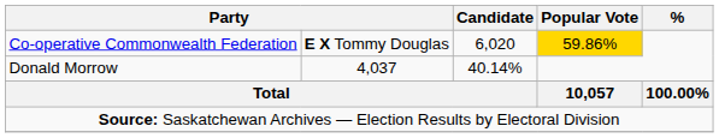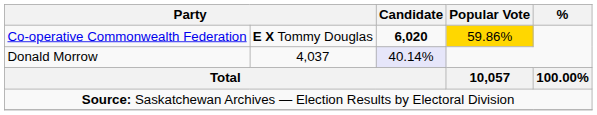 <table class="wikitable">
 <tr>
 <th colspan="2">Party</th>
 <th>Candidate</th>
 <th>Popular Vote</th>
 <th>%</th>
 </tr>
 <tr>
 <td><a href='#'>Co-operative Commonwealth Federation</a></td>
 <td><strong>E</strong> <strong>X</strong> Tommy Douglas</td>
-<td align=center>6,020</td>
+<td align=center><strong>6,020</strong></td>
 <td align=center style="background: gold;">59.86%</td>
 </tr>
 <tr>
 <td>Donald Morrow</td>
 <td align=center>4,037</td>
-<td align=center>40.14%</td>
+<td align=center style="background: lavender;">40.14%</td>
 </tr>
 <tr>
 <th colspan=3>Total</th>
 <th>10,057</th>
 <th>100.00%</th>
 </tr>
 <tr>
 <td align="center" colspan=5><strong>Source:</strong> Saskatchewan Archives — Election Results by Electoral Division</td>
 </tr>
 <tr>
 </tr>
 </table>
